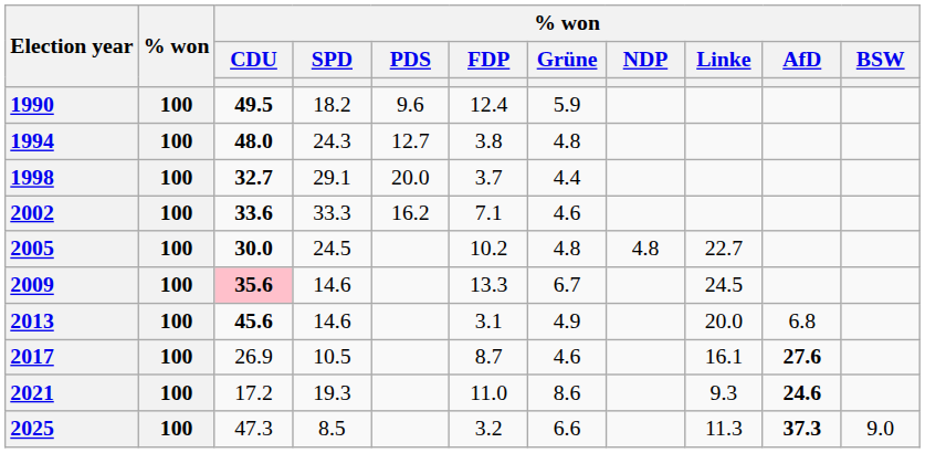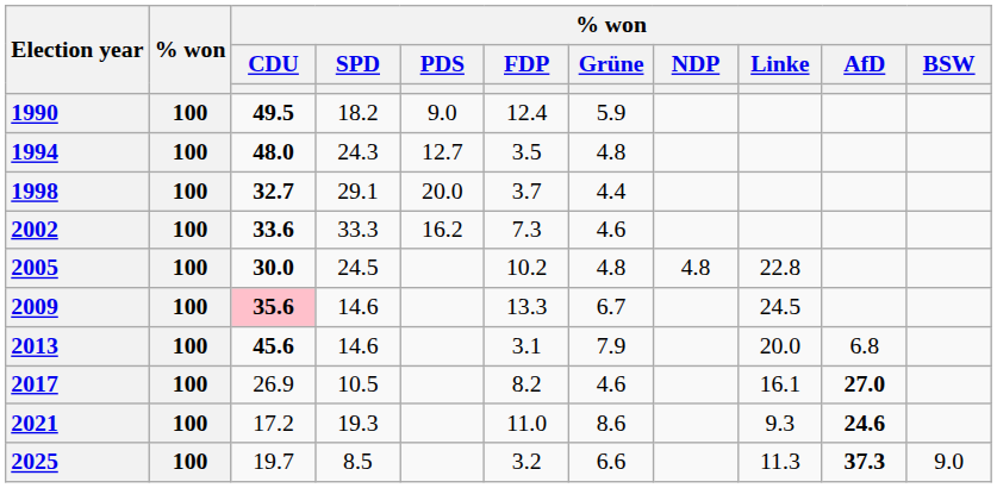 <table class="wikitable" style="text-align:center; font-size: 0.9em;">
 <tr>
 <th rowspan="3">Election year</th>
 <th rowspan="3">% won</th>
 <th colspan="10">% won</th>
 </tr>
 <tr>
 <th class="unsortable" style="width:45px;"><a href='#'>CDU</a></th>
 <th class="unsortable" style="width:45px;"><a href='#'>SPD</a></th>
 <th class="unsortable" style="width:45px;"><a href='#'>PDS</a></th>
 <th class="unsortable" style="width:45px;"><a href='#'>FDP</a></th>
 <th class="unsortable" style="width:45px;"><a href='#'>Grüne</a></th>
 <th class="unsortable" style="width:45px;"><a href='#'>NDP</a></th>
 <th class="unsortable" style="width:45px;"><a href='#'>Linke</a></th>
 <th class="unsortable" style="width:45px;"><a href='#'>AfD</a></th>
 <th class="unsortable" style="width:45px;"><a href='#'>BSW</a></th>
 </tr>
 <tr>
 <th style="background:"></th>
 <th style="background:"></th>
 <th style="background:"></th>
 <th style="background:"></th>
 <th style="background:"></th>
 <th style="background:"></th>
 <th style="background:"></th>
 <th style="background:"></th>
 <th style="background:"></th>
 </tr>
 <tr>
 <th style="text-align: left;"><a href='#'>1990</a></th>
 <th>100</th>
 <td><strong>49.5</strong></td>
 <td>18.2</td>
-<td>9.6</td>
+<td>9.0</td>
 <td>12.4</td>
 <td>5.9</td>
 <td></td>
 <td></td>
 <td></td>
 <td></td>
 </tr>
 <tr>
 <th style="text-align: left;"><a href='#'>1994</a></th>
 <th>100</th>
 <td><strong>48.0</strong></td>
 <td>24.3</td>
 <td>12.7</td>
-<td>3.8</td>
+<td>3.5</td>
 <td>4.8</td>
 <td></td>
 <td></td>
 <td></td>
 <td></td>
 </tr>
 <tr>
 <th style="text-align: left;"><a href='#'>1998</a></th>
 <th>100</th>
 <td><strong>32.7</strong></td>
 <td>29.1</td>
 <td>20.0</td>
 <td>3.7</td>
 <td>4.4</td>
 <td></td>
 <td></td>
 <td></td>
 <td></td>
 </tr>
 <tr>
 <th style="text-align: left;"><a href='#'>2002</a></th>
 <th>100</th>
 <td><strong>33.6</strong></td>
 <td>33.3</td>
 <td>16.2</td>
-<td>7.1</td>
+<td>7.3</td>
 <td>4.6</td>
 <td></td>
 <td></td>
 <td></td>
 <td></td>
 </tr>
 <tr>
 <th style="text-align: left;"><a href='#'>2005</a></th>
 <th>100</th>
 <td><strong>30.0</strong></td>
 <td>24.5</td>
 <td></td>
 <td>10.2</td>
 <td>4.8</td>
 <td>4.8</td>
-<td>22.7</td>
+<td>22.8</td>
 <td></td>
 <td></td>
 </tr>
 <tr>
 <th style="text-align: left;"><a href='#'>2009</a></th>
 <th>100</th>
 <td style="background: pink;"><strong>35.6</strong></td>
 <td>14.6</td>
 <td></td>
 <td>13.3</td>
 <td>6.7</td>
 <td></td>
 <td>24.5</td>
 <td></td>
 <td></td>
 </tr>
 <tr>
 <th style="text-align: left;"><a href='#'>2013</a></th>
 <th>100</th>
 <td><strong>45.6</strong></td>
 <td>14.6</td>
 <td></td>
 <td>3.1</td>
-<td>4.9</td>
+<td>7.9</td>
 <td></td>
 <td>20.0</td>
 <td>6.8</td>
 <td></td>
 </tr>
 <tr>
 <th style="text-align: left;"><a href='#'>2017</a></th>
 <th>100</th>
 <td>26.9</td>
 <td>10.5</td>
 <td></td>
-<td>8.7</td>
+<td>8.2</td>
 <td>4.6</td>
 <td></td>
 <td>16.1</td>
-<td><strong>27.6</strong></td>
+<td><strong>27.0</strong></td>
 <td></td>
 </tr>
 <tr>
 <th style="text-align: left;"><a href='#'>2021</a></th>
 <th>100</th>
 <td>17.2</td>
 <td>19.3</td>
 <td></td>
 <td>11.0</td>
 <td>8.6</td>
 <td></td>
 <td>9.3</td>
 <td><strong>24.6</strong></td>
 <td></td>
 </tr>
 <tr>
 <th style="text-align: left;"><a href='#'>2025</a></th>
 <th>100</th>
-<td>47.3</td>
+<td>19.7</td>
 <td>8.5</td>
 <td></td>
 <td>3.2</td>
 <td>6.6</td>
 <td></td>
 <td>11.3</td>
 <td><strong>37.3</strong></td>
 <td>9.0</td>
 </tr>
 </table>
